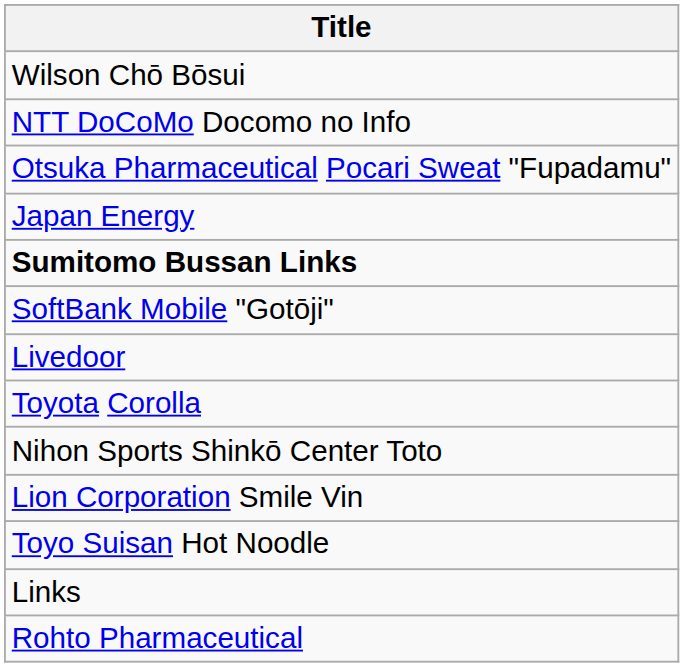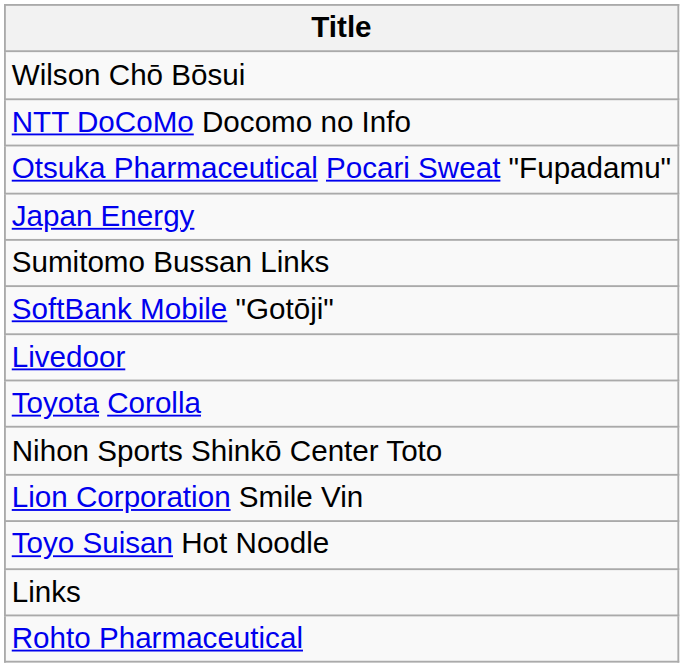 <table class="wikitable">
 <tr>
 <th>Title</th>
 </tr>
 <tr>
 <td>Wilson Chō Bōsui</td>
 </tr>
 <tr>
 <td><a href='#'>NTT DoCoMo</a> Docomo no Info</td>
 </tr>
 <tr>
 <td><a href='#'>Otsuka Pharmaceutical</a> <a href='#'>Pocari Sweat</a> "Fupadamu"</td>
 </tr>
 <tr>
 <td><a href='#'>Japan Energy</a></td>
 </tr>
 <tr>
-<td><strong>Sumitomo Bussan Links</strong></td>
+<td>Sumitomo Bussan Links</td>
 </tr>
 <tr>
 <td><a href='#'>SoftBank Mobile</a> "Gotōji"</td>
 </tr>
 <tr>
 <td><a href='#'>Livedoor</a></td>
 </tr>
 <tr>
 <td><a href='#'>Toyota</a> <a href='#'>Corolla</a></td>
 </tr>
 <tr>
 <td>Nihon Sports Shinkō Center Toto</td>
 </tr>
 <tr>
 <td><a href='#'>Lion Corporation</a> Smile Vin</td>
 </tr>
 <tr>
 <td><a href='#'>Toyo Suisan</a> Hot Noodle</td>
 </tr>
 <tr>
 <td>Links</td>
 </tr>
 <tr>
 <td><a href='#'>Rohto Pharmaceutical</a></td>
 </tr>
 </table>
